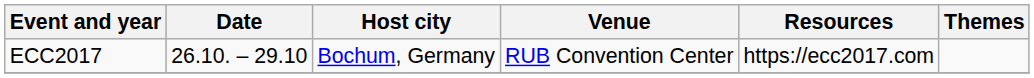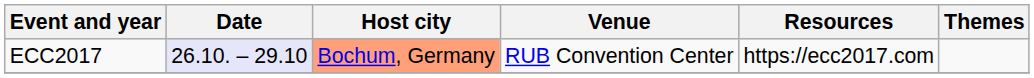 <table class="wikitable" style="font-size:90%;">
 <tr>
 <th>Event and year</th>
 <th>Date</th>
 <th>Host city</th>
 <th>Venue</th>
 <th>Resources</th>
 <th>Themes</th>
 </tr>
 <tr>
 <td>ECC2017</td>
-<td>26.10. – 29.10</td>
-<td><a href='#'>Bochum</a>, Germany</td>
+<td style="background: lavender;">26.10. – 29.10</td>
+<td style="background: lightsalmon;"><a href='#'>Bochum</a>, Germany</td>
 <td><a href='#'>RUB</a> Convention Center</td>
 <td>https://ecc2017.com</td>
 <td></td>
 </tr>
 <tr>
 </tr>
 </table>
